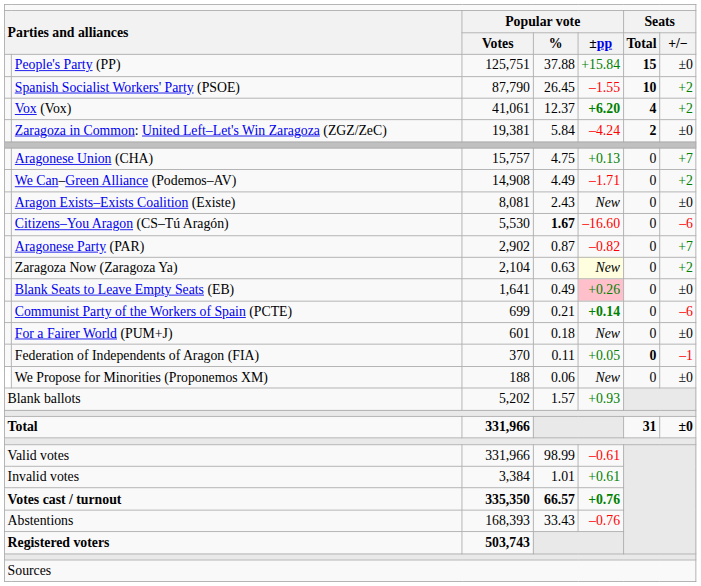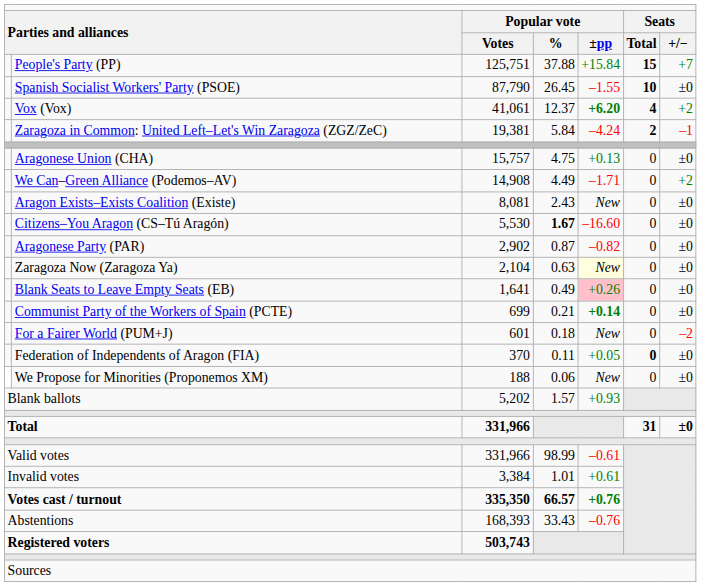 <table class="wikitable" style="text-align:right;">
 <tr>
 <td colspan="7"></td>
 </tr>
 <tr>
 <th style="text-align:left;" rowspan="2" colspan="2" width="525">Parties and alliances</th>
 <th colspan="3">Popular vote</th>
 <th colspan="2">Seats</th>
 </tr>
 <tr>
 <th width="75">Votes</th>
 <th width="45">%</th>
 <th width="45">±<a href='#'>pp</a></th>
 <th width="35">Total</th>
 <th width="35">+/−</th>
 </tr>
 <tr>
 <td width="1" style="color:inherit;background:"></td>
 <td align="left"><a href='#'>People's Party</a> (PP)</td>
 <td>125,751</td>
 <td>37.88</td>
 <td style="color:green;">+15.84</td>
 <td><strong>15</strong></td>
-<td>±0</td>
+<td style="color:green;">+7</td>
 </tr>
 <tr>
 <td style="color:inherit;background:"></td>
 <td align="left"><a href='#'>Spanish Socialist Workers' Party</a> (PSOE)</td>
 <td>87,790</td>
 <td>26.45</td>
 <td style="color:red;">–1.55</td>
 <td><strong>10</strong></td>
-<td style="color:green;">+2</td>
+<td>±0</td>
 </tr>
 <tr>
 <td style="color:inherit;background:"></td>
 <td align="left"><a href='#'>Vox</a> (Vox)</td>
 <td>41,061</td>
 <td>12.37</td>
 <td style="color:green;"><strong>+6.20</strong></td>
 <td><strong>4</strong></td>
 <td style="color:green;">+2</td>
 </tr>
 <tr>
 <td style="color:inherit;background:"></td>
 <td align="left"><a href='#'>Zaragoza in Common</a>: <a href='#'>United Left–Let's Win Zaragoza</a> (ZGZ/ZeC)</td>
 <td>19,381</td>
 <td>5.84</td>
 <td style="color:red;">–4.24</td>
 <td><strong>2</strong></td>
-<td>±0</td>
+<td style="color:red;">–1</td>
 </tr>
 <tr>
 <td colspan="7" bgcolor="#C0C0C0"></td>
 </tr>
 <tr>
 <td style="color:inherit;background:"></td>
 <td align="left"><a href='#'>Aragonese Union</a> (CHA)</td>
 <td>15,757</td>
 <td>4.75</td>
 <td style="color:green;">+0.13</td>
 <td>0</td>
-<td style="color:green;">+7</td>
+<td>±0</td>
 </tr>
 <tr>
 <td style="color:inherit;background:"></td>
 <td align="left"><a href='#'>We Can</a>–<a href='#'>Green Alliance</a> (Podemos–AV)</td>
 <td>14,908</td>
 <td>4.49</td>
 <td style="color:red;">–1.71</td>
 <td>0</td>
 <td style="color:green;">+2</td>
 </tr>
 <tr>
 <td style="color:inherit;background:"></td>
 <td align="left"><a href='#'>Aragon Exists–Exists Coalition</a> (Existe)</td>
 <td>8,081</td>
 <td>2.43</td>
 <td><em>New</em></td>
 <td>0</td>
 <td>±0</td>
 </tr>
 <tr>
 <td style="color:inherit;background:"></td>
 <td align="left"><a href='#'>Citizens–You Aragon</a> (CS–Tú Aragón)</td>
 <td>5,530</td>
 <td><strong>1.67</strong></td>
 <td style="color:red;">–16.60</td>
 <td>0</td>
-<td style="color:red;">–6</td>
+<td>±0</td>
 </tr>
 <tr>
 <td style="color:inherit;background:"></td>
 <td align="left"><a href='#'>Aragonese Party</a> (PAR)</td>
 <td>2,902</td>
 <td>0.87</td>
 <td style="color:red;">–0.82</td>
 <td>0</td>
-<td style="color:green;">+7</td>
+<td>±0</td>
 </tr>
 <tr>
 <td style="color:inherit;background:"></td>
 <td align="left">Zaragoza Now (Zaragoza Ya)</td>
 <td>2,104</td>
 <td>0.63</td>
 <td style="background: lightyellow;"><em>New</em></td>
 <td>0</td>
-<td style="color:green;">+2</td>
+<td>±0</td>
 </tr>
 <tr>
 <td style="color:inherit;background:"></td>
 <td align="left"><a href='#'>Blank Seats to Leave Empty Seats</a> (EB)</td>
 <td>1,641</td>
 <td>0.49</td>
 <td style="background: pink; color:green;">+0.26</td>
 <td>0</td>
 <td>±0</td>
 </tr>
 <tr>
 <td style="color:inherit;background:"></td>
 <td align="left"><a href='#'>Communist Party of the Workers of Spain</a> (PCTE)</td>
 <td>699</td>
 <td>0.21</td>
 <td style="color:green;"><strong>+0.14</strong></td>
 <td>0</td>
-<td style="color:red;">–6</td>
+<td>±0</td>
 </tr>
 <tr>
 <td style="color:inherit;background:"></td>
 <td align="left"><a href='#'>For a Fairer World</a> (PUM+J)</td>
 <td>601</td>
 <td>0.18</td>
 <td><em>New</em></td>
 <td>0</td>
-<td>±0</td>
+<td style="color:red;">–2</td>
 </tr>
 <tr>
 <td style="color:inherit;background:"></td>
 <td align="left">Federation of Independents of Aragon (FIA)</td>
 <td>370</td>
 <td>0.11</td>
 <td style="color:green;">+0.05</td>
 <td><strong>0</strong></td>
-<td style="color:red;">–1</td>
+<td>±0</td>
 </tr>
 <tr>
 <td bgcolor="white"></td>
 <td align="left">We Propose for Minorities (Proponemos XM)</td>
 <td>188</td>
 <td>0.06</td>
 <td><em>New</em></td>
 <td>0</td>
 <td>±0</td>
 </tr>
 <tr>
 <td align="left" colspan="2">Blank ballots</td>
 <td>5,202</td>
 <td>1.57</td>
 <td style="color:green;">+0.93</td>
 <td bgcolor="#E9E9E9" colspan="2"></td>
 </tr>
 <tr>
 <td colspan="7" bgcolor="#E9E9E9"></td>
 </tr>
 <tr style="font-weight:bold;">
 <td align="left" colspan="2">Total</td>
 <td>331,966</td>
 <td bgcolor="#E9E9E9" colspan="2"></td>
 <td>31</td>
 <td>±0</td>
 </tr>
 <tr>
 <td colspan="7" bgcolor="#E9E9E9"></td>
 </tr>
 <tr>
 <td align="left" colspan="2">Valid votes</td>
 <td>331,966</td>
 <td>98.99</td>
 <td style="color:red;">–0.61</td>
 <td bgcolor="#E9E9E9" colspan="2" rowspan="5"></td>
 </tr>
 <tr>
 <td align="left" colspan="2">Invalid votes</td>
 <td>3,384</td>
 <td>1.01</td>
 <td style="color:green;">+0.61</td>
 </tr>
 <tr style="font-weight:bold;">
 <td align="left" colspan="2">Votes cast / turnout</td>
 <td>335,350</td>
 <td>66.57</td>
 <td style="color:green;">+0.76</td>
 </tr>
 <tr>
 <td align="left" colspan="2">Abstentions</td>
 <td>168,393</td>
 <td>33.43</td>
 <td style="color:red;">–0.76</td>
 </tr>
 <tr style="font-weight:bold;">
 <td align="left" colspan="2">Registered voters</td>
 <td>503,743</td>
 <td bgcolor="#E9E9E9" colspan="2"></td>
 </tr>
 <tr>
 <td colspan="7" bgcolor="#E9E9E9"></td>
 </tr>
 <tr>
 <td align="left" colspan="7">Sources</td>
 </tr>
 </table>
